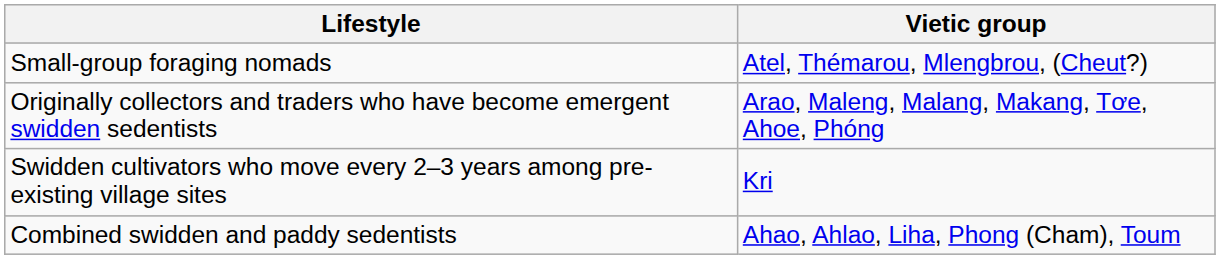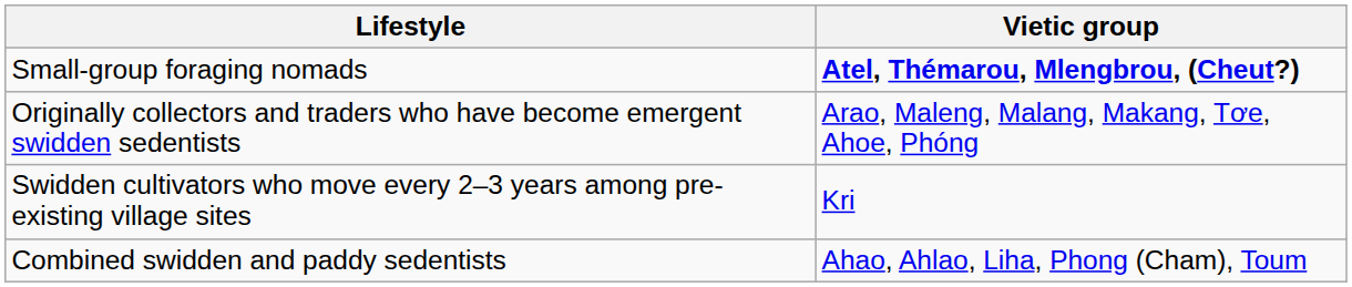 <table class="wikitable" width="50%">
 <tr>
 <th>Lifestyle</th>
 <th>Vietic group</th>
 </tr>
 <tr>
 <td>Small-group foraging nomads</td>
-<td><a href='#'>Atel</a>, <a href='#'>Thémarou</a>, <a href='#'>Mlengbrou</a>, (<a href='#'>Cheut</a>?)</td>
+<td><strong><a href='#'>Atel</a>, <a href='#'>Thémarou</a>, <a href='#'>Mlengbrou</a>, (<a href='#'>Cheut</a>?)</strong></td>
 </tr>
 <tr>
 <td>Originally collectors and traders who have become emergent <a href='#'>swidden</a> sedentists</td>
 <td><a href='#'>Arao</a>, <a href='#'>Maleng</a>, <a href='#'>Malang</a>, <a href='#'>Makang</a>, <a href='#'>Tơe</a>, <a href='#'>Ahoe</a>, <a href='#'>Phóng</a></td>
 </tr>
 <tr>
 <td>Swidden cultivators who move every 2–3 years among pre-existing village sites</td>
 <td><a href='#'>Kri</a></td>
 </tr>
 <tr>
 <td>Combined swidden and paddy sedentists</td>
 <td><a href='#'>Ahao</a>, <a href='#'>Ahlao</a>, <a href='#'>Liha</a>, <a href='#'>Phong</a> (Cham), <a href='#'>Toum</a></td>
 </tr>
 </table>
